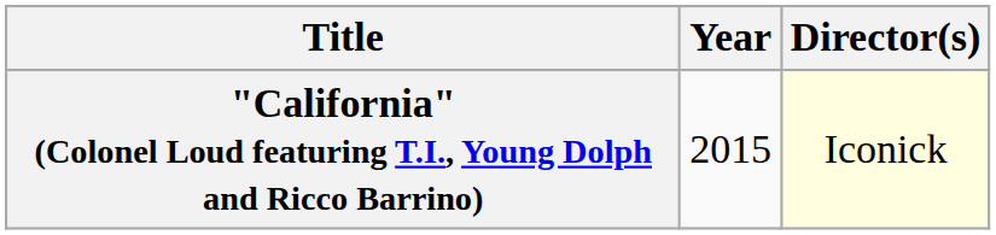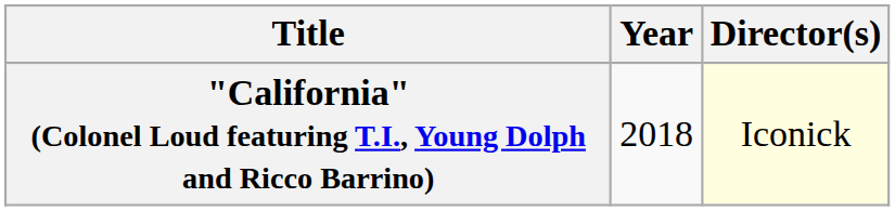 <table class="wikitable plainrowheaders" style="text-align:center;">
 <tr>
 <th scope="col" style="width:16em;">Title</th>
 <th scope="col">Year</th>
 <th scope="col">Director(s)</th>
 </tr>
 <tr>
 <th scope="row">"California"<br><small>(Colonel Loud featuring <a href='#'>T.I.</a>, <a href='#'>Young Dolph</a> and Ricco Barrino)</small></th>
-<td>2015</td>
+<td>2018</td>
 <td style="background: lightyellow;">Iconick</td>
 </tr>
 </table>
